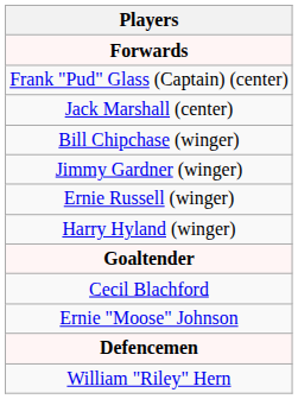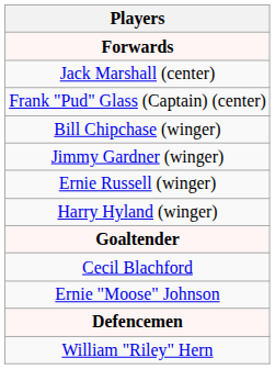 <table class="wikitable" style="text-align:center;">
 <tr>
 <th>Players</th>
 </tr>
 <tr style="font-weight:bold; background-color:#FFF5F5;">
 <td colspan="1" align="center"><strong>Forwards</strong></td>
 </tr>
 <tr>
-<td><a href='#'>Frank "Pud" Glass</a> (Captain) (center)</td>
+<td><a href='#'>Jack Marshall</a> (center)</td>
 </tr>
 <tr>
-<td><a href='#'>Jack Marshall</a> (center)</td>
+<td><a href='#'>Frank "Pud" Glass</a> (Captain) (center)</td>
 </tr>
 <tr>
 <td><a href='#'>Bill Chipchase</a> (winger)</td>
 </tr>
 <tr>
 <td><a href='#'>Jimmy Gardner</a> (winger)</td>
 </tr>
 <tr>
 <td><a href='#'>Ernie Russell</a> (winger)</td>
 </tr>
 <tr>
 <td><a href='#'>Harry Hyland</a> (winger)</td>
 </tr>
 <tr style="font-weight:bold; background-color:#FFF5F5;">
 <td colspan="1" align="center"><strong>Goaltender</strong></td>
 </tr>
 <tr>
 <td><a href='#'>Cecil Blachford</a></td>
 </tr>
 <tr>
 <td><a href='#'>Ernie "Moose" Johnson</a></td>
 </tr>
 <tr style="font-weight:bold; background-color:#FFF5F5;">
 <td colspan="1" align="center"><strong>Defencemen</strong></td>
 </tr>
 <tr>
 <td><a href='#'>William "Riley" Hern</a></td>
 </tr>
 </table>
